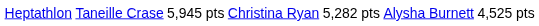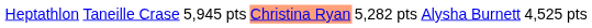 <table>
 <tr>
 </tr>
 <tr>
 <td><a href='#'>Heptathlon</a></td>
 <td align=left><a href='#'>Taneille Crase</a> <br> </td>
 <td>5,945 pts </td>
-<td align=left><a href='#'>Christina Ryan</a> <br> </td>
+<td align=left style="background: lightsalmon;"><a href='#'>Christina Ryan</a> <br> </td>
 <td>5,282 pts</td>
 <td align=left><a href='#'>Alysha Burnett</a> <br> </td>
 <td>4,525 pts</td>
 </tr>
 </table>
